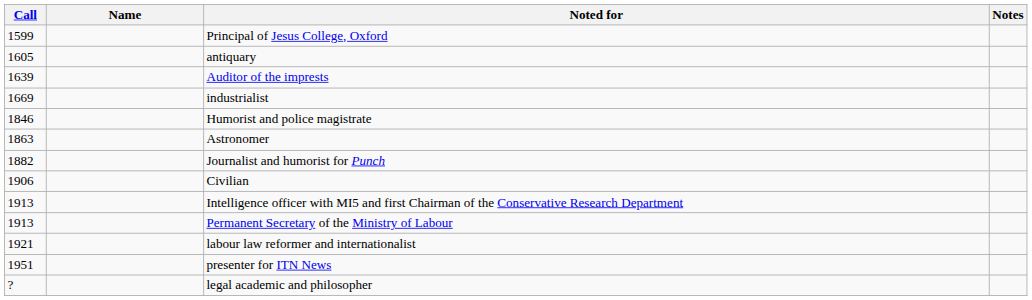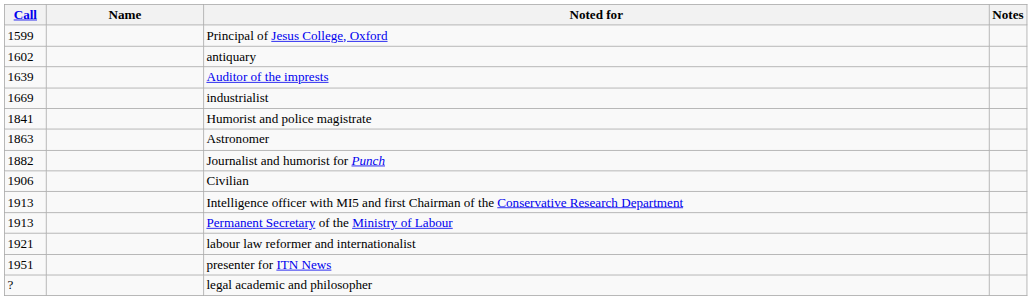 <table class="wikitable sortable" border="1" style="align:left;">
 <tr>
 <th width="4%"><a href='#'>Call</a></th>
 <th width="15%">Name</th>
 <th width="75%" class="unsortable">Noted for</th>
 <th width="2%" class="unsortable">Notes</th>
 </tr>
 <tr>
 <td>1599</td>
 <td></td>
 <td>Principal of <a href='#'>Jesus College, Oxford</a></td>
 <td></td>
 </tr>
 <tr>
-<td>1605</td>
+<td>1602</td>
 <td></td>
 <td>antiquary</td>
 <td></td>
 </tr>
 <tr>
 <td>1639</td>
 <td></td>
 <td><a href='#'>Auditor of the imprests</a></td>
 <td></td>
 </tr>
 <tr>
 <td>1669</td>
 <td></td>
 <td>industrialist</td>
 <td></td>
 </tr>
 <tr>
-<td>1846</td>
+<td>1841</td>
 <td></td>
 <td>Humorist and police magistrate</td>
 <td></td>
 </tr>
 <tr>
 <td>1863</td>
 <td></td>
 <td>Astronomer</td>
 <td></td>
 </tr>
 <tr>
 <td>1882</td>
 <td></td>
 <td>Journalist and humorist for <em><a href='#'>Punch</a></em></td>
 <td></td>
 </tr>
 <tr>
 <td>1906</td>
 <td></td>
 <td>Civilian</td>
 <td></td>
 </tr>
 <tr>
 <td>1913</td>
 <td></td>
 <td>Intelligence officer with MI5 and first Chairman of the <a href='#'>Conservative Research Department</a></td>
 <td></td>
 </tr>
 <tr>
 <td>1913</td>
 <td></td>
 <td><a href='#'>Permanent Secretary</a> of the <a href='#'>Ministry of Labour</a></td>
 <td></td>
 </tr>
 <tr>
 <td>1921</td>
 <td></td>
 <td>labour law reformer and internationalist</td>
 <td></td>
 </tr>
 <tr>
 <td>1951</td>
 <td></td>
 <td>presenter for <a href='#'>ITN News</a></td>
 <td></td>
 </tr>
 <tr>
 <td>?</td>
 <td></td>
 <td>legal academic and philosopher</td>
 <td></td>
 </tr>
 </table>
